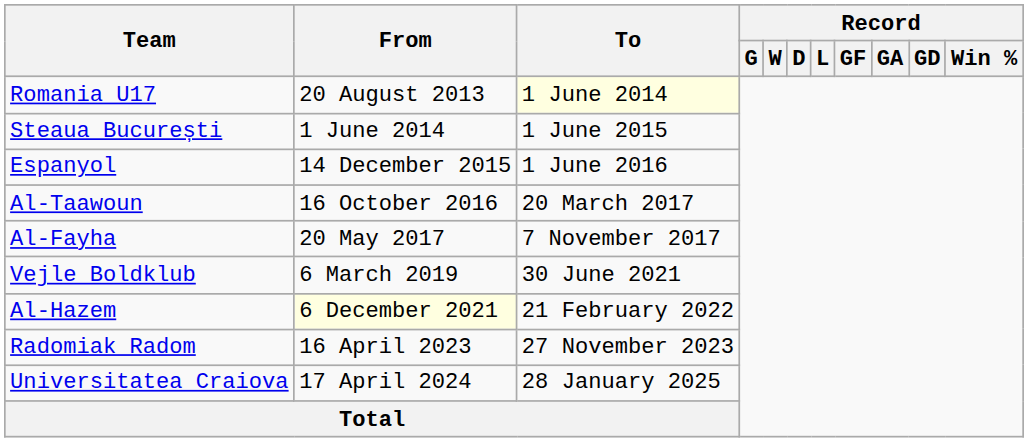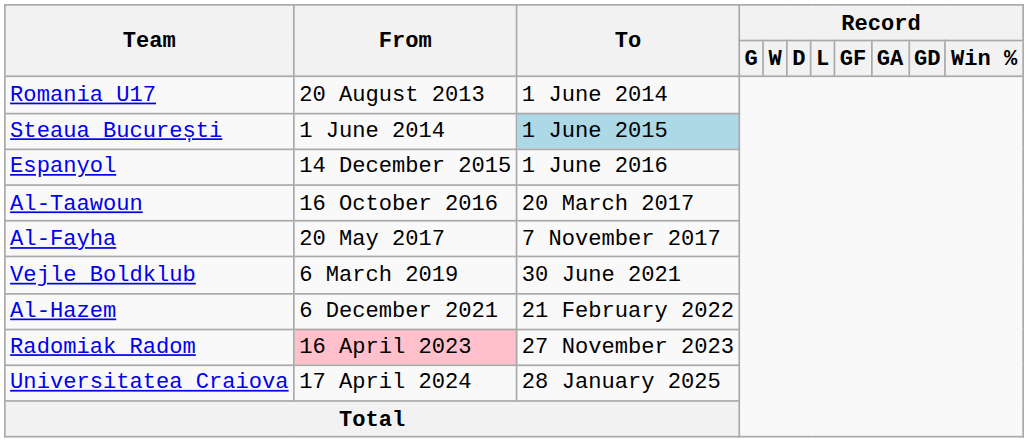 <table class="wikitable" style="text-align: center;">
 <tr>
 <th rowspan=2>Team</th>
 <th rowspan=2>From</th>
 <th rowspan=2>To</th>
 <th colspan=8>Record</th>
 </tr>
 <tr>
 <th>G</th>
 <th>W</th>
 <th>D</th>
 <th>L</th>
 <th>GF</th>
 <th>GA</th>
 <th>GD</th>
 <th>Win %</th>
 </tr>
 <tr>
 <td align=left> <a href='#'>Romania U17</a></td>
 <td align=left>20 August 2013</td>
-<td align=left style="background: lightyellow;">1 June 2014<br></td>
+<td align=left>1 June 2014<br></td>
 </tr>
 <tr>
 <td align=left> <a href='#'>Steaua București</a></td>
 <td align=left>1 June 2014</td>
-<td align=left>1 June 2015<br></td>
+<td align=left style="background: lightblue;">1 June 2015<br></td>
 </tr>
 <tr>
 <td align=left> <a href='#'>Espanyol</a></td>
 <td align=left>14 December 2015</td>
 <td align=left>1 June 2016<br></td>
 </tr>
 <tr>
 <td align=left> <a href='#'>Al-Taawoun</a></td>
 <td align=left>16 October 2016</td>
 <td align=left>20 March 2017<br></td>
 </tr>
 <tr>
 <td align=left> <a href='#'>Al-Fayha</a></td>
 <td align=left>20 May 2017</td>
 <td align=left>7 November 2017<br></td>
 </tr>
 <tr>
 <td align=left> <a href='#'>Vejle Boldklub</a></td>
 <td align=left>6 March 2019</td>
 <td align=left>30 June 2021<br></td>
 </tr>
 <tr>
 <td align=left> <a href='#'>Al-Hazem</a></td>
-<td align=left style="background: lightyellow;">6 December 2021</td>
+<td align=left>6 December 2021</td>
 <td align=left>21 February 2022<br></td>
 </tr>
 <tr>
 <td align=left> <a href='#'>Radomiak Radom</a></td>
-<td align=left>16 April 2023</td>
+<td align=left style="background: pink;">16 April 2023</td>
 <td align=left>27 November 2023<br></td>
 </tr>
 <tr>
 <td align=left> <a href='#'>Universitatea Craiova</a></td>
 <td align=left>17 April 2024</td>
 <td align=left>28 January 2025<br></td>
 </tr>
 <tr>
 <th colspan="3">Total<br></th>
 </tr>
 </table>
